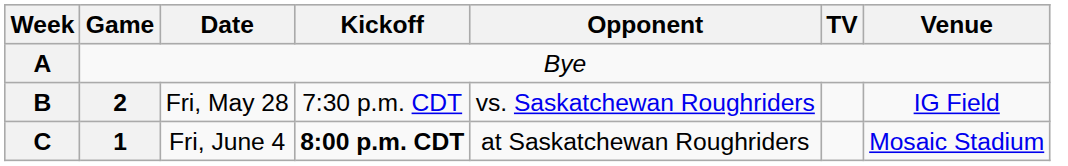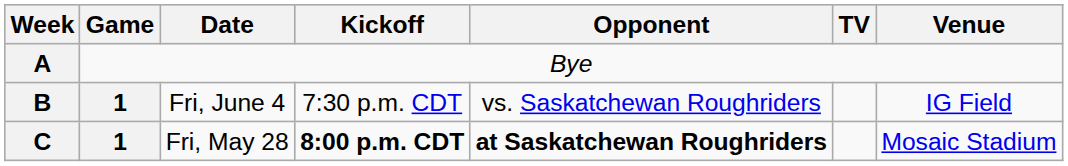 <table class="wikitable" style="font-size: 95%;">
 <tr>
 <th scope="col">Week</th>
 <th scope="col">Game</th>
 <th scope="col">Date</th>
 <th scope="col">Kickoff</th>
 <th scope="col">Opponent</th>
 <th scope="col">TV</th>
 <th scope="col">Venue</th>
 </tr>
 <tr style= bgcolor="ffffff">
 <th align="center">A</th>
 <td colspan=10 align="center" valign="middle"><em>Bye</em></td>
 </tr>
 <tr style= bgcolor="ffffff">
 <th align="center">B</th>
-<th align="center">2</th>
-<td align="center">Fri, May 28</td>
+<th align="center">1</th>
+<td align="center">Fri, June 4</td>
 <td align="center">7:30 p.m. <a href='#'>CDT</a></td>
 <td align="center">vs. <a href='#'>Saskatchewan Roughriders</a></td>
 <td align="center"></td>
 <td align="center"><a href='#'>IG Field</a></td>
 </tr>
 <tr style= bgcolor="ffffff">
 <th align="center">C</th>
 <th align="center">1</th>
-<td align="center">Fri, June 4</td>
+<td align="center">Fri, May 28</td>
 <td align="center"><strong>8:00 p.m. CDT</strong></td>
-<td align="center">at Saskatchewan Roughriders</td>
+<td align="center"><strong>at Saskatchewan Roughriders</strong></td>
 <td align="center"></td>
 <td align="center"><a href='#'>Mosaic Stadium</a></td>
 </tr>
 </table>
